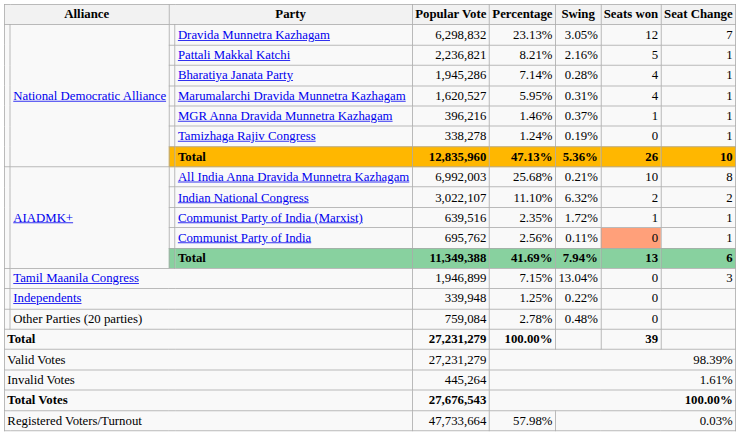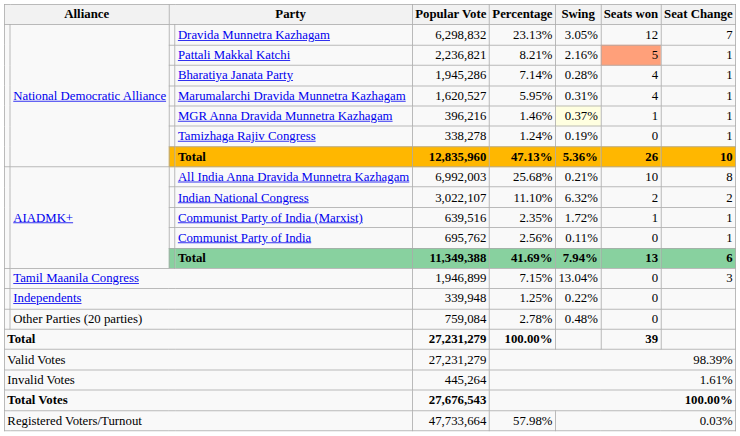 <table class='wikitable'>
 <tr>
 <th colspan="2" align=centre>Alliance</th>
 <th colspan="2" align=centre>Party</th>
 <th align=centre>Popular Vote</th>
 <th align=centre>Percentage</th>
 <th align=centre>Swing</th>
 <th align=centre>Seats won</th>
 <th align=centre>Seat Change</th>
 </tr>
 <tr>
 <td rowspan="7"></td>
 <td rowspan="7"><a href='#'>National Democratic Alliance</a></td>
 <td></td>
 <td><a href='#'>Dravida Munnetra Kazhagam</a></td>
 <td align=right>6,298,832</td>
 <td align=right>23.13%</td>
 <td align=right>3.05%</td>
 <td align=right>12</td>
 <td align=right>7</td>
 </tr>
 <tr>
 <td></td>
 <td><a href='#'>Pattali Makkal Katchi</a></td>
 <td align=right>2,236,821</td>
 <td align=right>8.21%</td>
 <td align=right>2.16%</td>
-<td align=right>5</td>
+<td align=right style="background: lightsalmon;">5</td>
 <td align=right>1</td>
 </tr>
 <tr>
 <td></td>
 <td><a href='#'>Bharatiya Janata Party</a></td>
 <td align=right>1,945,286</td>
 <td align=right>7.14%</td>
 <td align=right>0.28%</td>
 <td align=right>4</td>
 <td align=right>1</td>
 </tr>
 <tr>
 <td></td>
 <td><a href='#'>Marumalarchi Dravida Munnetra Kazhagam</a></td>
 <td align=right>1,620,527</td>
 <td align=right>5.95%</td>
 <td align=right>0.31%</td>
 <td align=right>4</td>
 <td align=right>1</td>
 </tr>
 <tr>
 <td></td>
 <td><a href='#'>MGR Anna Dravida Munnetra Kazhagam</a></td>
 <td align=right>396,216</td>
 <td align=right>1.46%</td>
-<td align=right>0.37%</td>
+<td align=right style="background: lightyellow;">0.37%</td>
 <td align=right>1</td>
 <td align=right>1</td>
 </tr>
 <tr>
 <td></td>
 <td><a href='#'>Tamizhaga Rajiv Congress</a></td>
 <td align=right>338,278</td>
 <td align=right>1.24%</td>
 <td align=right>0.19%</td>
 <td align=right>0</td>
 <td align=right>1</td>
 </tr>
 <tr>
 <td style="background:#FFB700"></td>
 <td style="background:#FFB700" align=left><strong>Total</strong></td>
 <td style="background:#FFB700" align=right><strong>12,835,960</strong></td>
 <td style="background:#FFB700" align=right><strong>47.13%</strong></td>
 <td style="background:#FFB700" align=right><strong>5.36%</strong></td>
 <td style="background:#FFB700" align=right><strong>26</strong></td>
 <td style="background:#FFB700" align=right><strong>10</strong></td>
 </tr>
 <tr>
 <td rowspan="5"></td>
 <td rowspan="5"><a href='#'>AIADMK+</a></td>
 <td></td>
 <td><a href='#'>All India Anna Dravida Munnetra Kazhagam</a></td>
 <td align=right>6,992,003</td>
 <td align=right>25.68%</td>
 <td align=right>0.21%</td>
 <td align=right>10</td>
 <td align=right>8</td>
 </tr>
 <tr>
 <td></td>
 <td><a href='#'>Indian National Congress</a></td>
 <td align=right>3,022,107</td>
 <td align=right>11.10%</td>
 <td align=right>6.32%</td>
 <td align=right>2</td>
 <td align=right>2</td>
 </tr>
 <tr>
 <td></td>
 <td><a href='#'>Communist Party of India (Marxist)</a></td>
 <td align=right>639,516</td>
 <td align=right>2.35%</td>
 <td align=right>1.72%</td>
 <td align=right>1</td>
 <td align=right>1</td>
 </tr>
 <tr>
 <td></td>
 <td><a href='#'>Communist Party of India</a></td>
 <td align=right>695,762</td>
 <td align=right>2.56%</td>
 <td align=right>0.11%</td>
-<td align=right style="background: lightsalmon;">0</td>
+<td align=right>0</td>
 <td align=right>1</td>
 </tr>
 <tr>
 <td style="background:#88D19F"></td>
 <td style="background:#88D19F" align=left><strong>Total</strong></td>
 <td style="background:#88D19F" align=right><strong>11,349,388</strong></td>
 <td style="background:#88D19F" align=right><strong>41.69%</strong></td>
 <td style="background:#88D19F" align=right><strong>7.94%</strong></td>
 <td style="background:#88D19F" align=right><strong>13</strong></td>
 <td style="background:#88D19F" align=right><strong>6</strong></td>
 </tr>
 <tr>
 <td></td>
 <td colspan="3"><a href='#'>Tamil Maanila Congress</a></td>
 <td align=right>1,946,899</td>
 <td align=right>7.15%</td>
 <td align=right>13.04%</td>
 <td align=right>0</td>
 <td align=right>3</td>
 </tr>
 <tr>
 <td></td>
 <td colspan="3" align=left><a href='#'>Independents</a></td>
 <td align=right>339,948</td>
 <td align=right>1.25%</td>
 <td align=right>0.22%</td>
 <td align=right>0</td>
 <td align=right></td>
 </tr>
 <tr>
 <td></td>
 <td colspan="3" align=left>Other Parties (20 parties)</td>
 <td align=right>759,084</td>
 <td align=right>2.78%</td>
 <td align=right>0.48%</td>
 <td align=right>0</td>
 <td align=right></td>
 </tr>
 <tr>
 <td colspan="4" align=left><strong>Total</strong></td>
 <td align=right><strong>27,231,279</strong></td>
 <td align=right><strong>100.00%</strong></td>
 <td align=right></td>
 <td align=right><strong>39</strong></td>
 <td align=right></td>
 </tr>
 <tr>
 <td colspan="4" align=left>Valid Votes</td>
 <td align=right>27,231,279</td>
 <td colspan="4" align=right>98.39%</td>
 </tr>
 <tr>
 <td colspan="4" align=left>Invalid Votes</td>
 <td align=right>445,264</td>
 <td colspan="4" align=right>1.61%</td>
 </tr>
 <tr>
 <td colspan="4" align=left><strong>Total Votes</strong></td>
 <td align=right><strong>27,676,543</strong></td>
 <td colspan="4" align=right><strong>100.00%</strong></td>
 </tr>
 <tr>
 <td colspan="4" align=left>Registered Voters/Turnout</td>
 <td align=right>47,733,664</td>
 <td align=right>57.98%</td>
 <td colspan="3" align=right>0.03%</td>
 </tr>
 </table>
